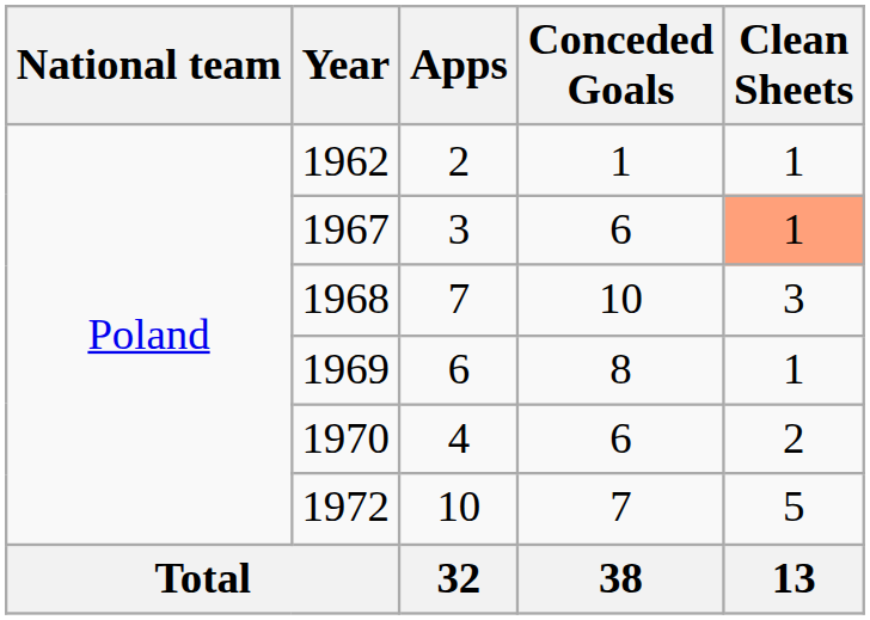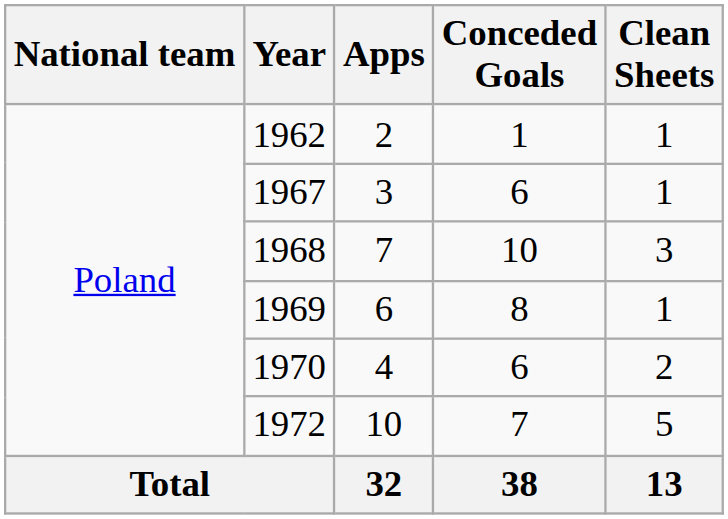 <table class="wikitable" style="text-align:center">
 <tr>
 <th>National team</th>
 <th>Year</th>
 <th>Apps</th>
 <th>Conceded<br>Goals</th>
 <th>Clean<br>Sheets</th>
 </tr>
 <tr>
 <td rowspan="6" style="vertical-align:center;"><a href='#'>Poland</a></td>
 <td>1962</td>
 <td>2</td>
 <td>1</td>
 <td>1</td>
 </tr>
 <tr>
 <td>1967</td>
 <td>3</td>
 <td>6</td>
-<td style="background: lightsalmon;">1</td>
+<td>1</td>
 </tr>
 <tr>
 <td>1968</td>
 <td>7</td>
 <td>10</td>
 <td>3</td>
 </tr>
 <tr>
 <td>1969</td>
 <td>6</td>
 <td>8</td>
 <td>1</td>
 </tr>
 <tr>
 <td>1970</td>
 <td>4</td>
 <td>6</td>
 <td>2</td>
 </tr>
 <tr>
 <td>1972</td>
 <td>10</td>
 <td>7</td>
 <td>5</td>
 </tr>
 <tr>
 <th colspan="2">Total</th>
 <th>32</th>
 <th>38</th>
 <th>13</th>
 </tr>
 </table>
